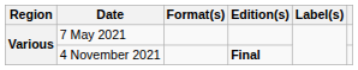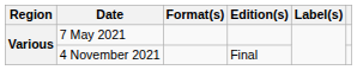 <table class="wikitable plainrowheaders">
 <tr>
 <th scope="col">Region</th>
 <th scope="col">Date</th>
 <th scope="col">Format(s)</th>
 <th scope="col">Edition(s)</th>
 <th scope="col">Label(s)</th>
 <th scope="col"></th>
 </tr>
 <tr>
 <th scope="row" rowspan="2">Various</th>
 <td>7 May 2021</td>
 <td></td>
 <td></td>
 <td rowspan="2"></td>
 <td></td>
 </tr>
 <tr>
 <td>4 November 2021</td>
 <td></td>
-<td><strong>Final</strong></td>
+<td>Final</td>
 <td></td>
 </tr>
 </table>
